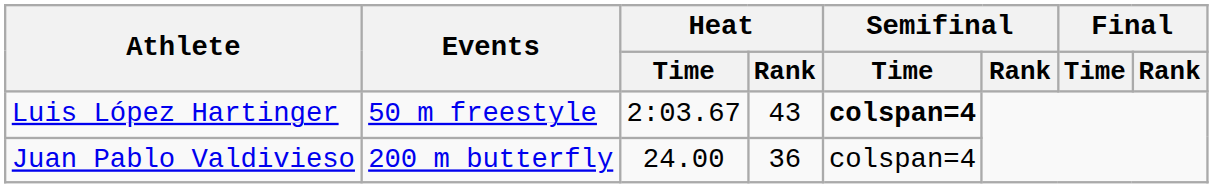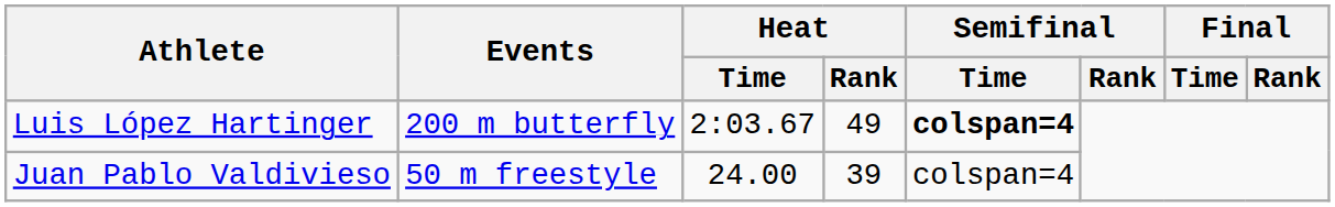 <table class=wikitable style="font-size:90%">
 <tr>
 <th rowspan="2">Athlete</th>
 <th rowspan="2">Events</th>
 <th colspan="2">Heat</th>
 <th colspan="2">Semifinal</th>
 <th colspan="2">Final</th>
 </tr>
 <tr style="font-size:95%">
 <th>Time</th>
 <th>Rank</th>
 <th>Time</th>
 <th>Rank</th>
 <th>Time</th>
 <th>Rank</th>
 </tr>
 <tr align=center>
 <td align=left><a href='#'>Luis López Hartinger</a></td>
-<td align=left><a href='#'>50 m freestyle</a></td>
+<td align=left><a href='#'>200 m butterfly</a></td>
 <td>2:03.67</td>
-<td>43</td>
+<td>49</td>
 <td><strong>colspan=4 </strong></td>
 </tr>
 <tr align=center>
 <td align=left><a href='#'>Juan Pablo Valdivieso</a></td>
-<td align=left><a href='#'>200 m butterfly</a></td>
+<td align=left><a href='#'>50 m freestyle</a></td>
 <td>24.00</td>
-<td>36</td>
+<td>39</td>
 <td>colspan=4 </td>
 </tr>
 </table>
